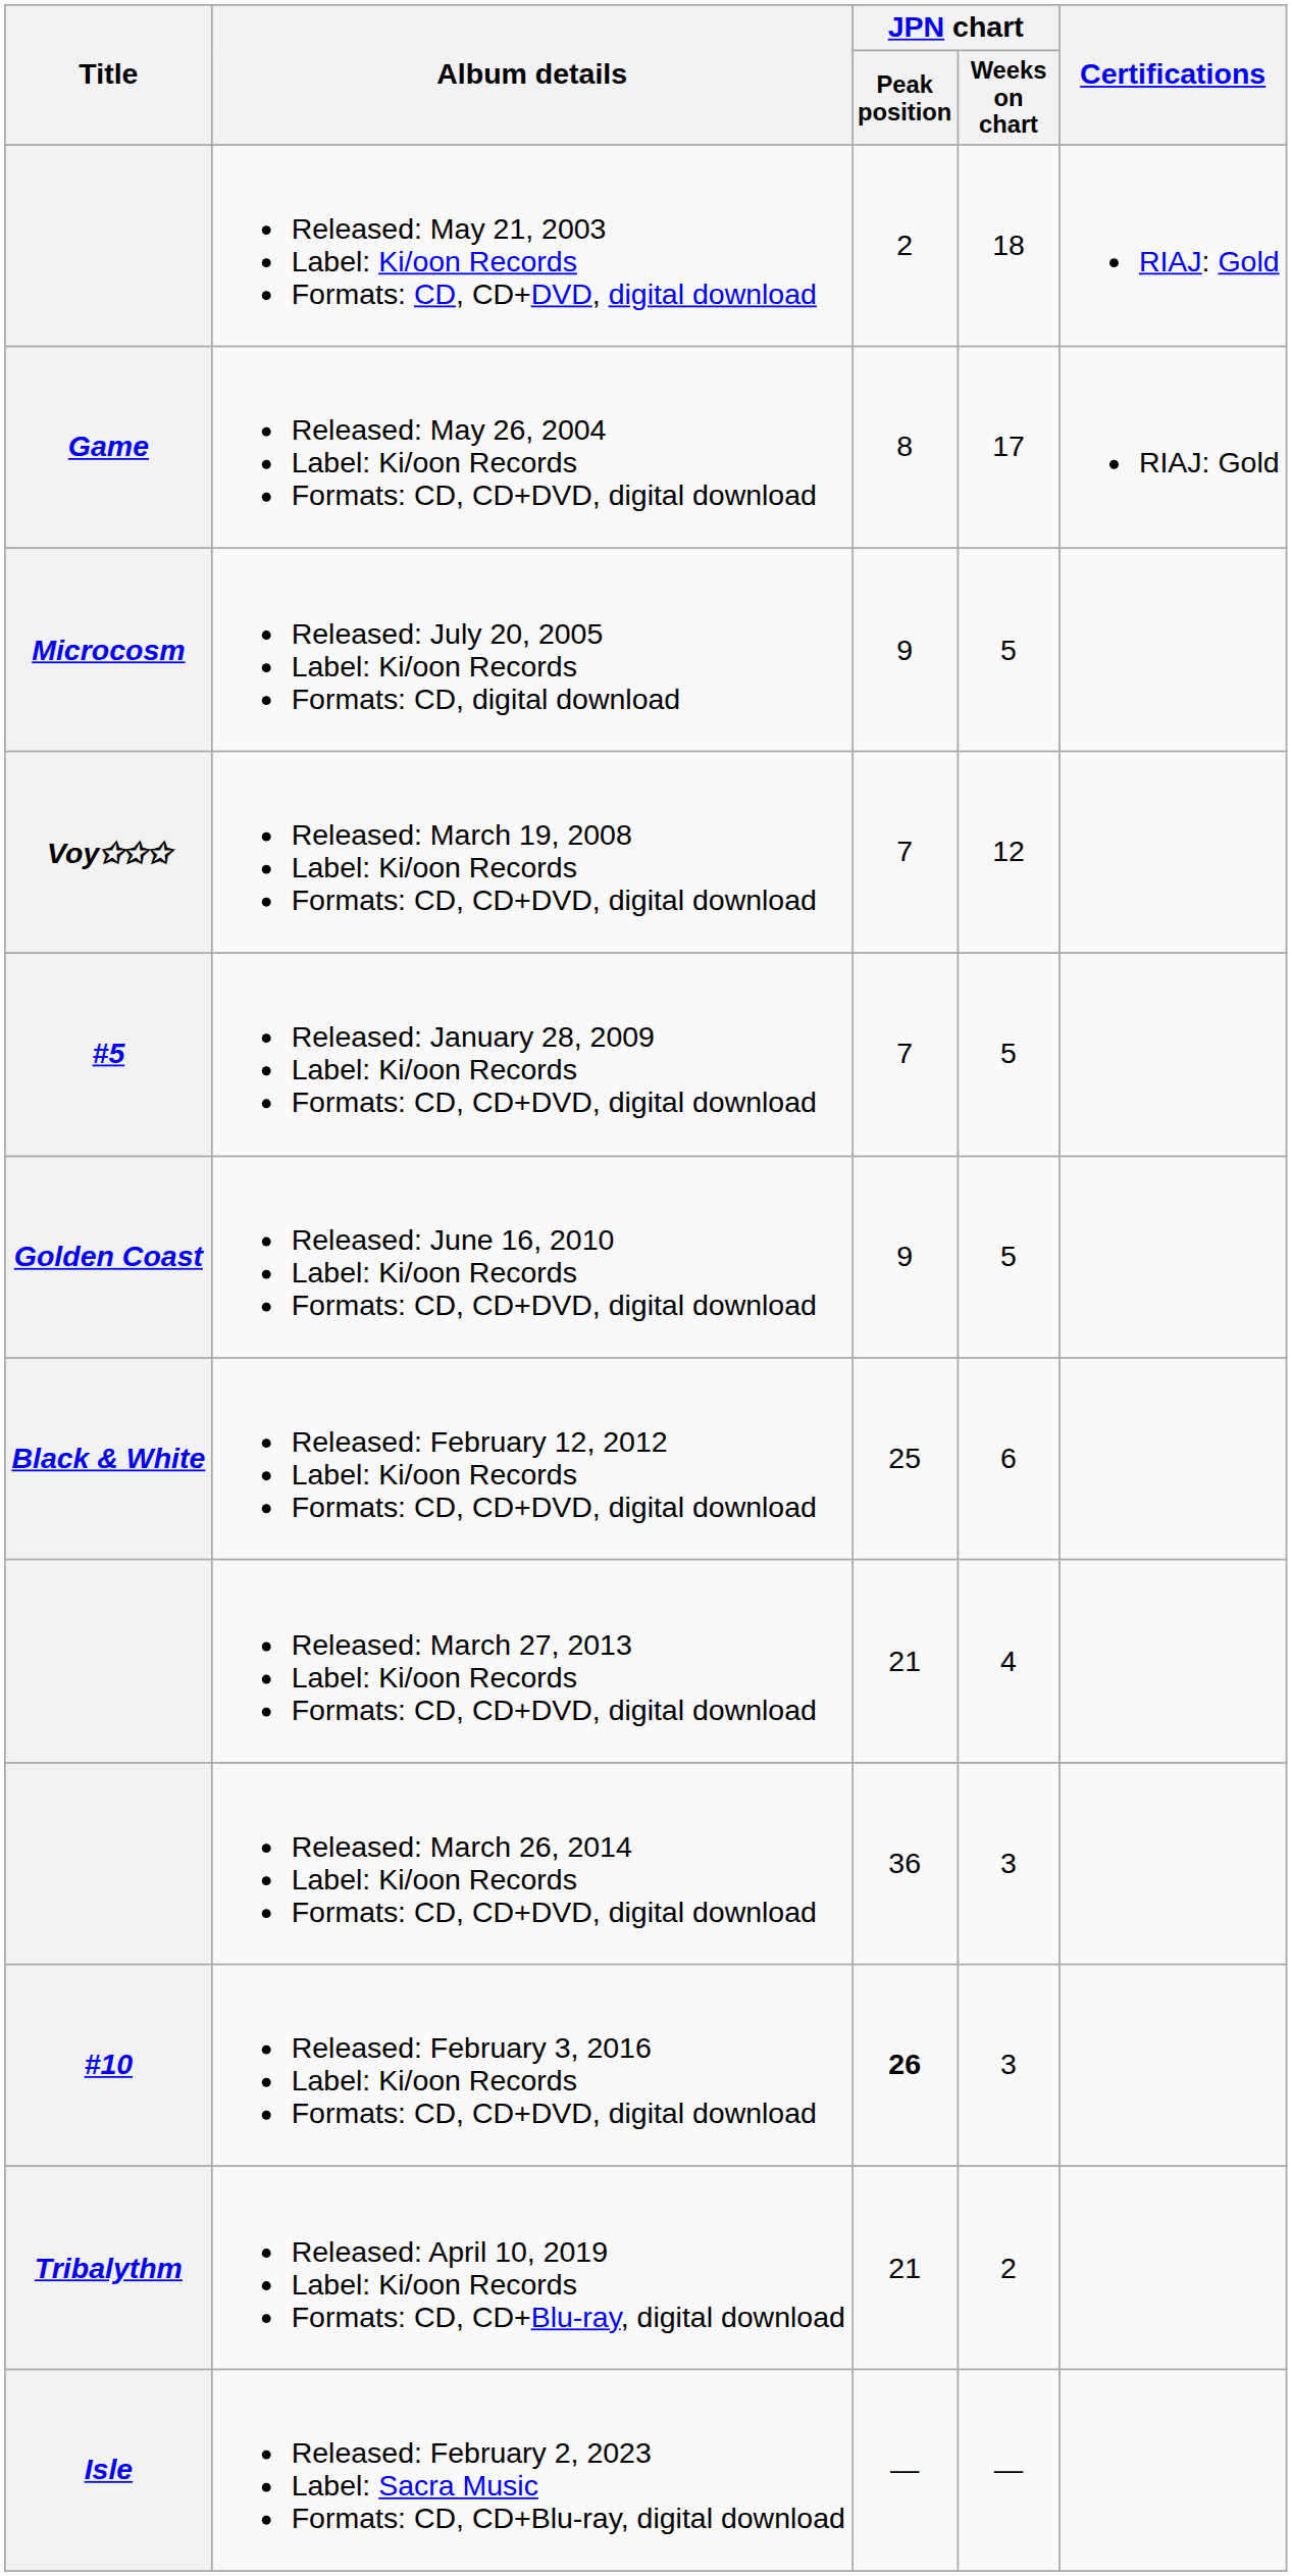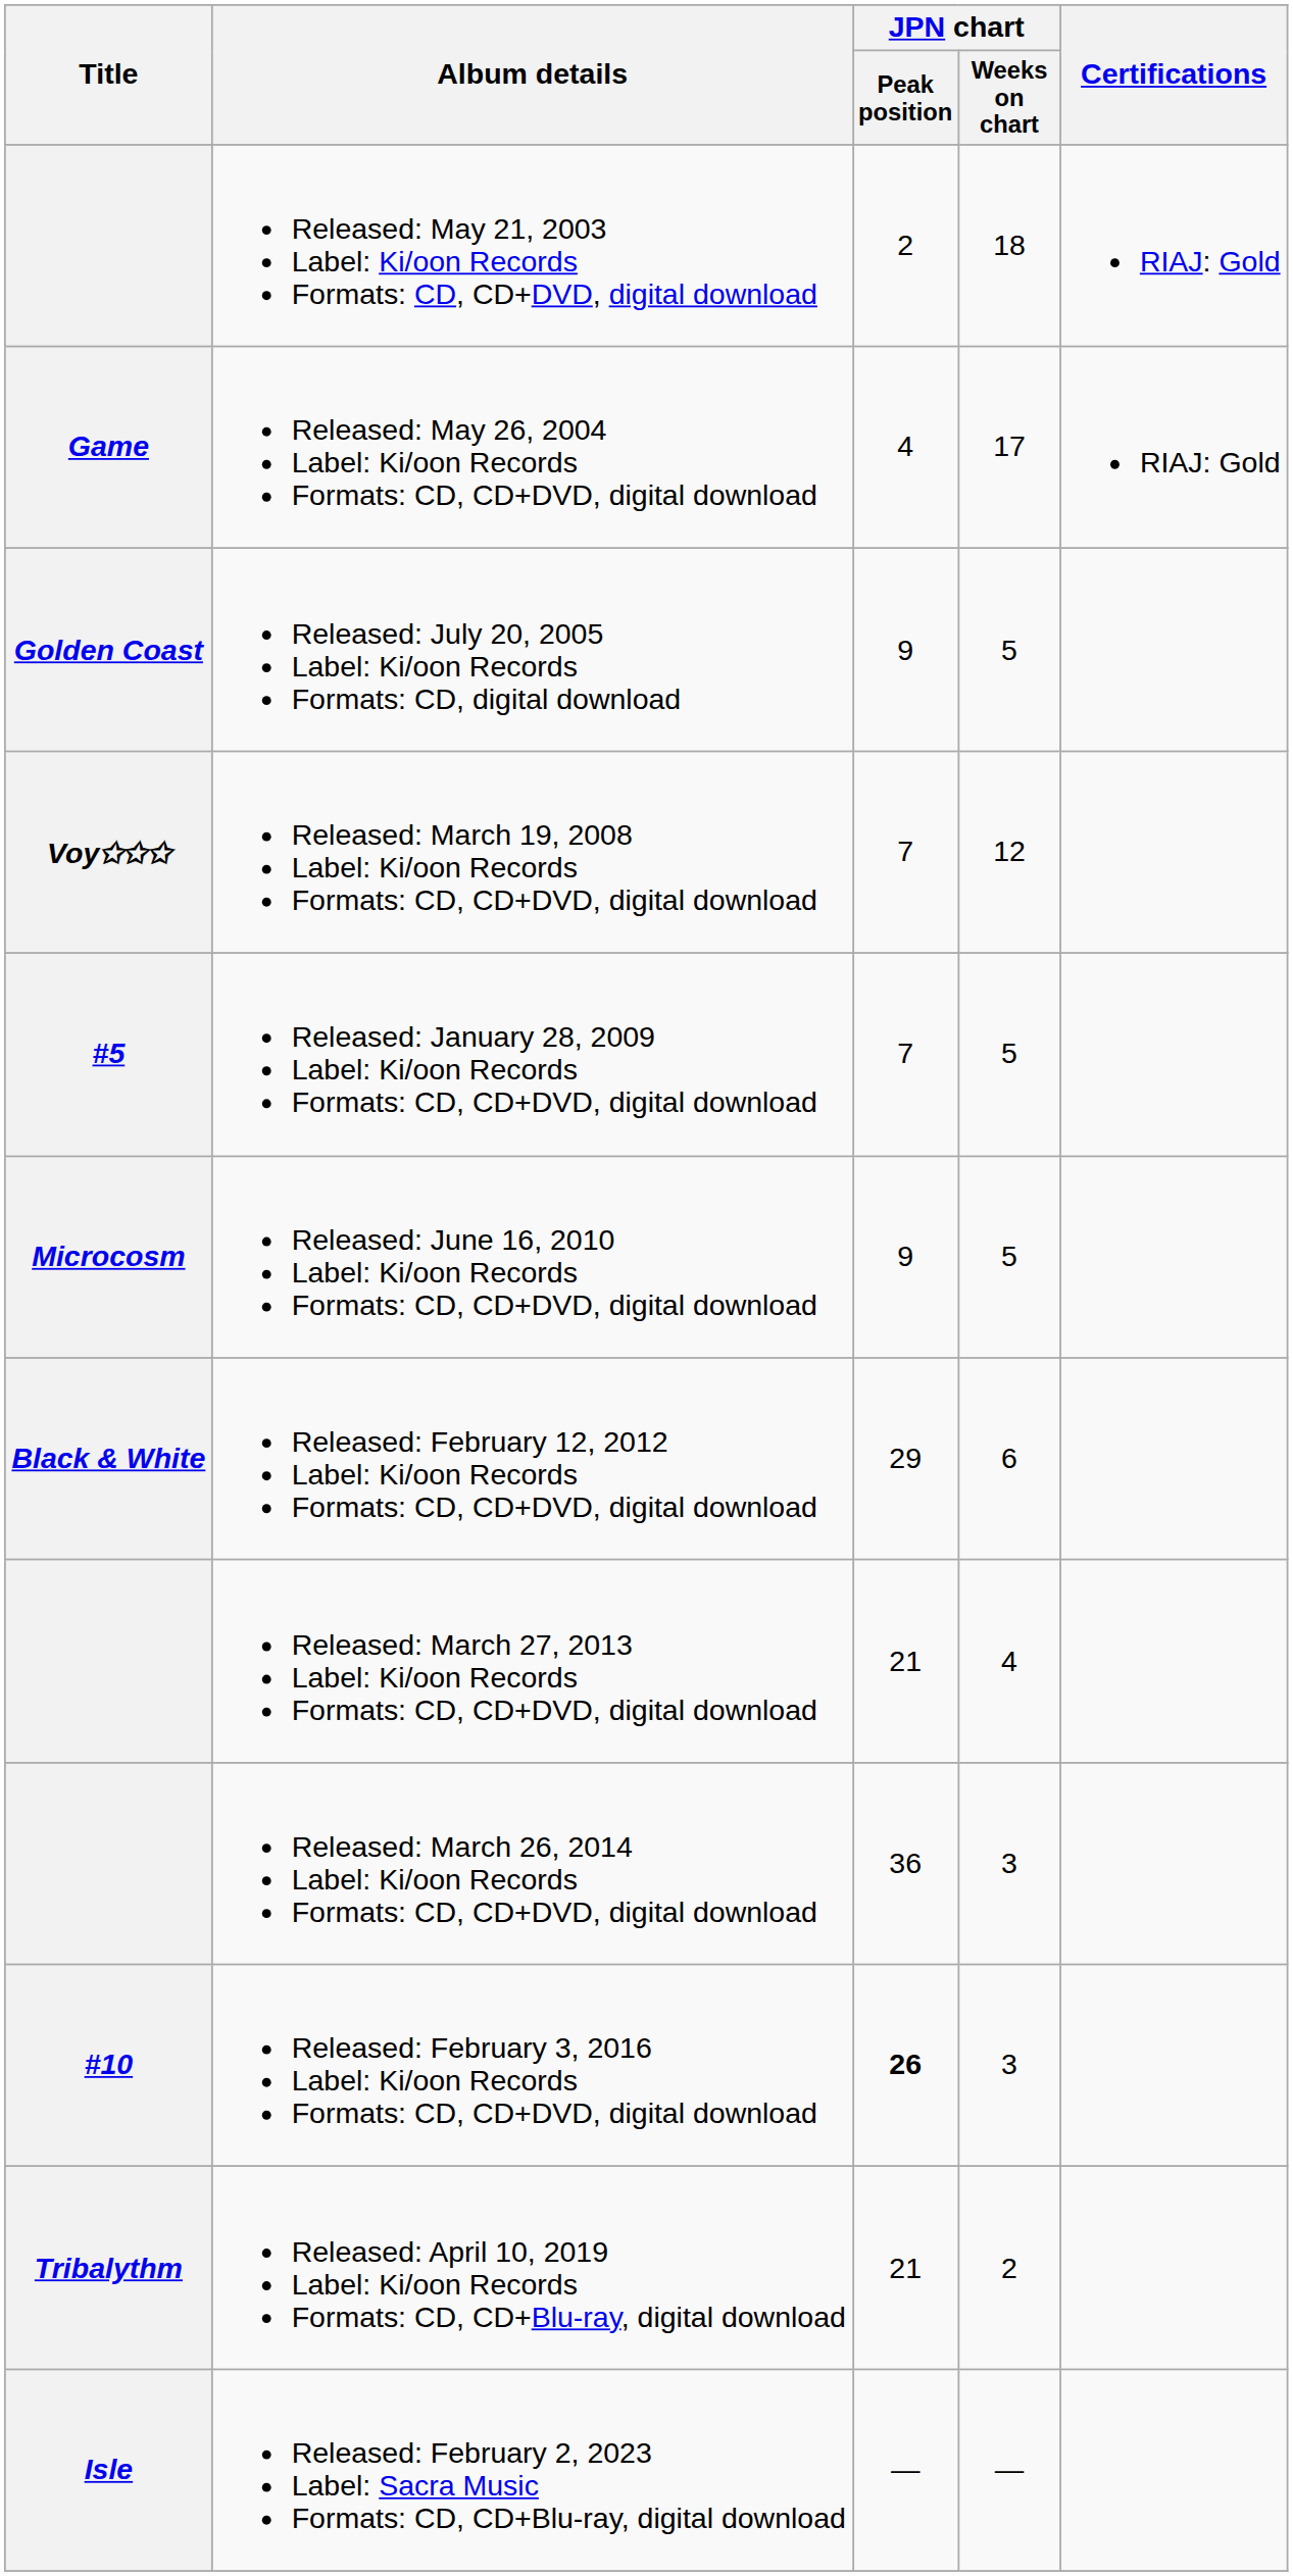 <table class="wikitable plainrowheaders">
 <tr>
 <th scope="col" rowspan="2">Title</th>
 <th scope="col" rowspan="2">Album details</th>
 <th scope="col" colspan="2"><a href='#'>JPN</a> chart</th>
 <th scope="col" rowspan="2"><a href='#'>Certifications</a></th>
 </tr>
 <tr style="font-size:smaller;">
 <th style="width:50px;" scope="col">Peak position</th>
 <th style="width:50px;" scope="col">Weeks on chart</th>
 </tr>
 <tr>
 <th scope="row"><em><a href='#'></a></em></th>
 <td><br><ul><li>Released: May 21, 2003</li><li>Label: <a href='#'>Ki/oon Records</a></li><li>Formats: <a href='#'>CD</a>, CD+<a href='#'>DVD</a>, <a href='#'>digital download</a></li></ul></td>
 <td align="center">2</td>
 <td align="center">18</td>
 <td><br><ul><li><a href='#'>RIAJ</a>: <a href='#'>Gold</a></li></ul></td>
 </tr>
 <tr>
 <th scope="row"><em><a href='#'>Game</a></em></th>
 <td><br><ul><li>Released: May 26, 2004</li><li>Label: Ki/oon Records</li><li>Formats: CD, CD+DVD, digital download</li></ul></td>
-<td align="center">8</td>
+<td align="center">4</td>
 <td align="center">17</td>
 <td><br><ul><li>RIAJ: Gold</li></ul></td>
 </tr>
 <tr>
-<th scope="row"><em><a href='#'>Microcosm</a></em></th>
+<th scope="row"><em><a href='#'>Golden Coast</a></em></th>
 <td><br><ul><li>Released: July 20, 2005</li><li>Label: Ki/oon Records</li><li>Formats: CD, digital download</li></ul></td>
 <td align="center">9</td>
 <td align="center">5</td>
 <td></td>
 </tr>
 <tr>
 <th scope="row"><em>Voy✩✩✩</em></th>
 <td><br><ul><li>Released: March 19, 2008</li><li>Label: Ki/oon Records</li><li>Formats: CD, CD+DVD, digital download</li></ul></td>
 <td align="center">7</td>
 <td align="center">12</td>
 <td></td>
 </tr>
 <tr>
 <th scope="row"><em><a href='#'>#5</a></em></th>
 <td><br><ul><li>Released: January 28, 2009</li><li>Label: Ki/oon Records</li><li>Formats: CD, CD+DVD, digital download</li></ul></td>
 <td align="center">7</td>
 <td align="center">5</td>
 <td></td>
 </tr>
 <tr>
-<th scope="row"><em><a href='#'>Golden Coast</a></em></th>
+<th scope="row"><em><a href='#'>Microcosm</a></em></th>
 <td><br><ul><li>Released: June 16, 2010</li><li>Label: Ki/oon Records</li><li>Formats: CD, CD+DVD, digital download</li></ul></td>
 <td align="center">9</td>
 <td align="center">5</td>
 <td></td>
 </tr>
 <tr>
 <th scope="row"><em><a href='#'>Black & White</a></em></th>
 <td><br><ul><li>Released: February 12, 2012</li><li>Label: Ki/oon Records</li><li>Formats: CD, CD+DVD, digital download</li></ul></td>
-<td align="center">25</td>
+<td align="center">29</td>
 <td align="center">6</td>
 <td></td>
 </tr>
 <tr>
 <th scope="row"><em><a href='#'></a></em></th>
 <td><br><ul><li>Released: March 27, 2013</li><li>Label: Ki/oon Records</li><li>Formats: CD, CD+DVD, digital download</li></ul></td>
 <td align="center">21</td>
 <td align="center">4</td>
 <td></td>
 </tr>
 <tr>
 <th scope="row"><em><a href='#'></a></em></th>
 <td><br><ul><li>Released: March 26, 2014</li><li>Label: Ki/oon Records</li><li>Formats: CD, CD+DVD, digital download</li></ul></td>
 <td align="center">36</td>
 <td align="center">3</td>
 <td></td>
 </tr>
 <tr>
 <th scope="row"><em><a href='#'>#10</a></em></th>
 <td><br><ul><li>Released: February 3, 2016</li><li>Label: Ki/oon Records</li><li>Formats: CD, CD+DVD, digital download</li></ul></td>
 <td align="center"><strong>26</strong></td>
 <td align="center">3</td>
 <td></td>
 </tr>
 <tr>
 <th scope="row"><em><a href='#'>Tribalythm</a></em></th>
 <td><br><ul><li>Released: April 10, 2019</li><li>Label: Ki/oon Records</li><li>Formats: CD, CD+<a href='#'>Blu-ray</a>, digital download</li></ul></td>
 <td align="center">21</td>
 <td align="center">2</td>
 <td></td>
 </tr>
 <tr>
 <th scope="row"><em><a href='#'>Isle</a></em></th>
 <td><br><ul><li>Released: February 2, 2023</li><li>Label: <a href='#'>Sacra Music</a></li><li>Formats: CD, CD+Blu-ray, digital download</li></ul></td>
 <td align="center">—</td>
 <td align="center">—</td>
 <td></td>
 </tr>
 </table>
